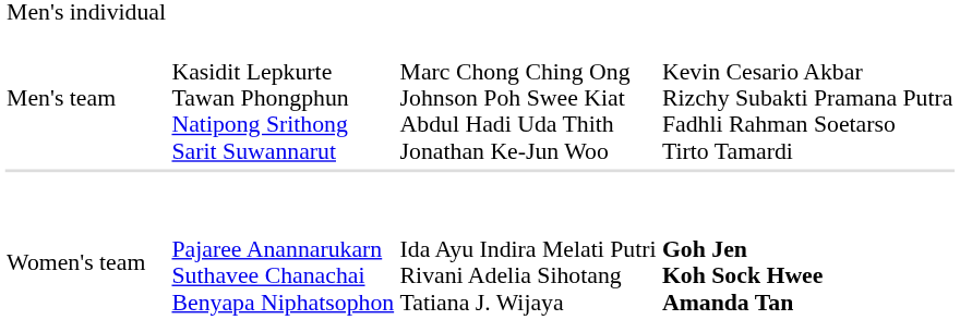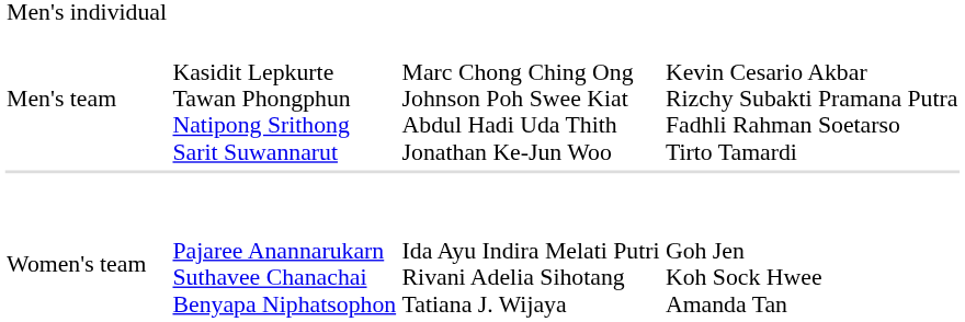 <table>
 <tr>
 <td>Men's individual<br></td>
 <td></td>
 <td></td>
 <td></td>
 </tr>
 <tr>
 <td>Men's team<br></td>
 <td><br>Kasidit Lepkurte<br>Tawan Phongphun<br><a href='#'>Natipong Srithong</a><br><a href='#'>Sarit Suwannarut</a></td>
 <td><br>Marc Chong Ching Ong<br>Johnson Poh Swee Kiat<br>Abdul Hadi Uda Thith<br>Jonathan Ke-Jun Woo</td>
 <td><br>Kevin Cesario Akbar<br>Rizchy Subakti Pramana Putra<br>Fadhli Rahman Soetarso<br>Tirto Tamardi</td>
 </tr>
 <tr style="background-color:#dddddd;">
 <td colspan=7></td>
 </tr>
 <tr>
 <td><br></td>
 <td></td>
 <td></td>
 <td></td>
 </tr>
 <tr>
 <td>Women's team<br></td>
 <td><br><a href='#'>Pajaree Anannarukarn</a><br><a href='#'>Suthavee Chanachai</a><br><a href='#'>Benyapa Niphatsophon</a></td>
 <td><br>Ida Ayu Indira Melati Putri<br>Rivani Adelia Sihotang<br>Tatiana J. Wijaya</td>
-<td><strong><br>Goh Jen<br>Koh Sock Hwee<br>Amanda Tan</strong></td>
+<td><br>Goh Jen<br>Koh Sock Hwee<br>Amanda Tan</td>
 </tr>
 </table>
